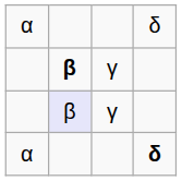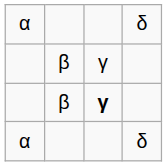 <table class="wikitable" style="margin-left:auto;margin-right:auto;text-align:center;width:8em;height:8em;table-layout:fixed;">
 <tr>
 <td>α</td>
 <td></td>
 <td></td>
 <td>δ</td>
 </tr>
 <tr>
 <td></td>
-<td><strong>β</strong></td>
+<td>β</td>
 <td>γ</td>
 <td></td>
 </tr>
 <tr>
 <td></td>
-<td style="background: lavender;">β</td>
-<td>γ</td>
+<td>β</td>
+<td><strong>γ</strong></td>
 <td></td>
 </tr>
 <tr>
 <td>α</td>
 <td></td>
 <td></td>
-<td><strong>δ</strong></td>
+<td>δ</td>
 </tr>
 </table>
